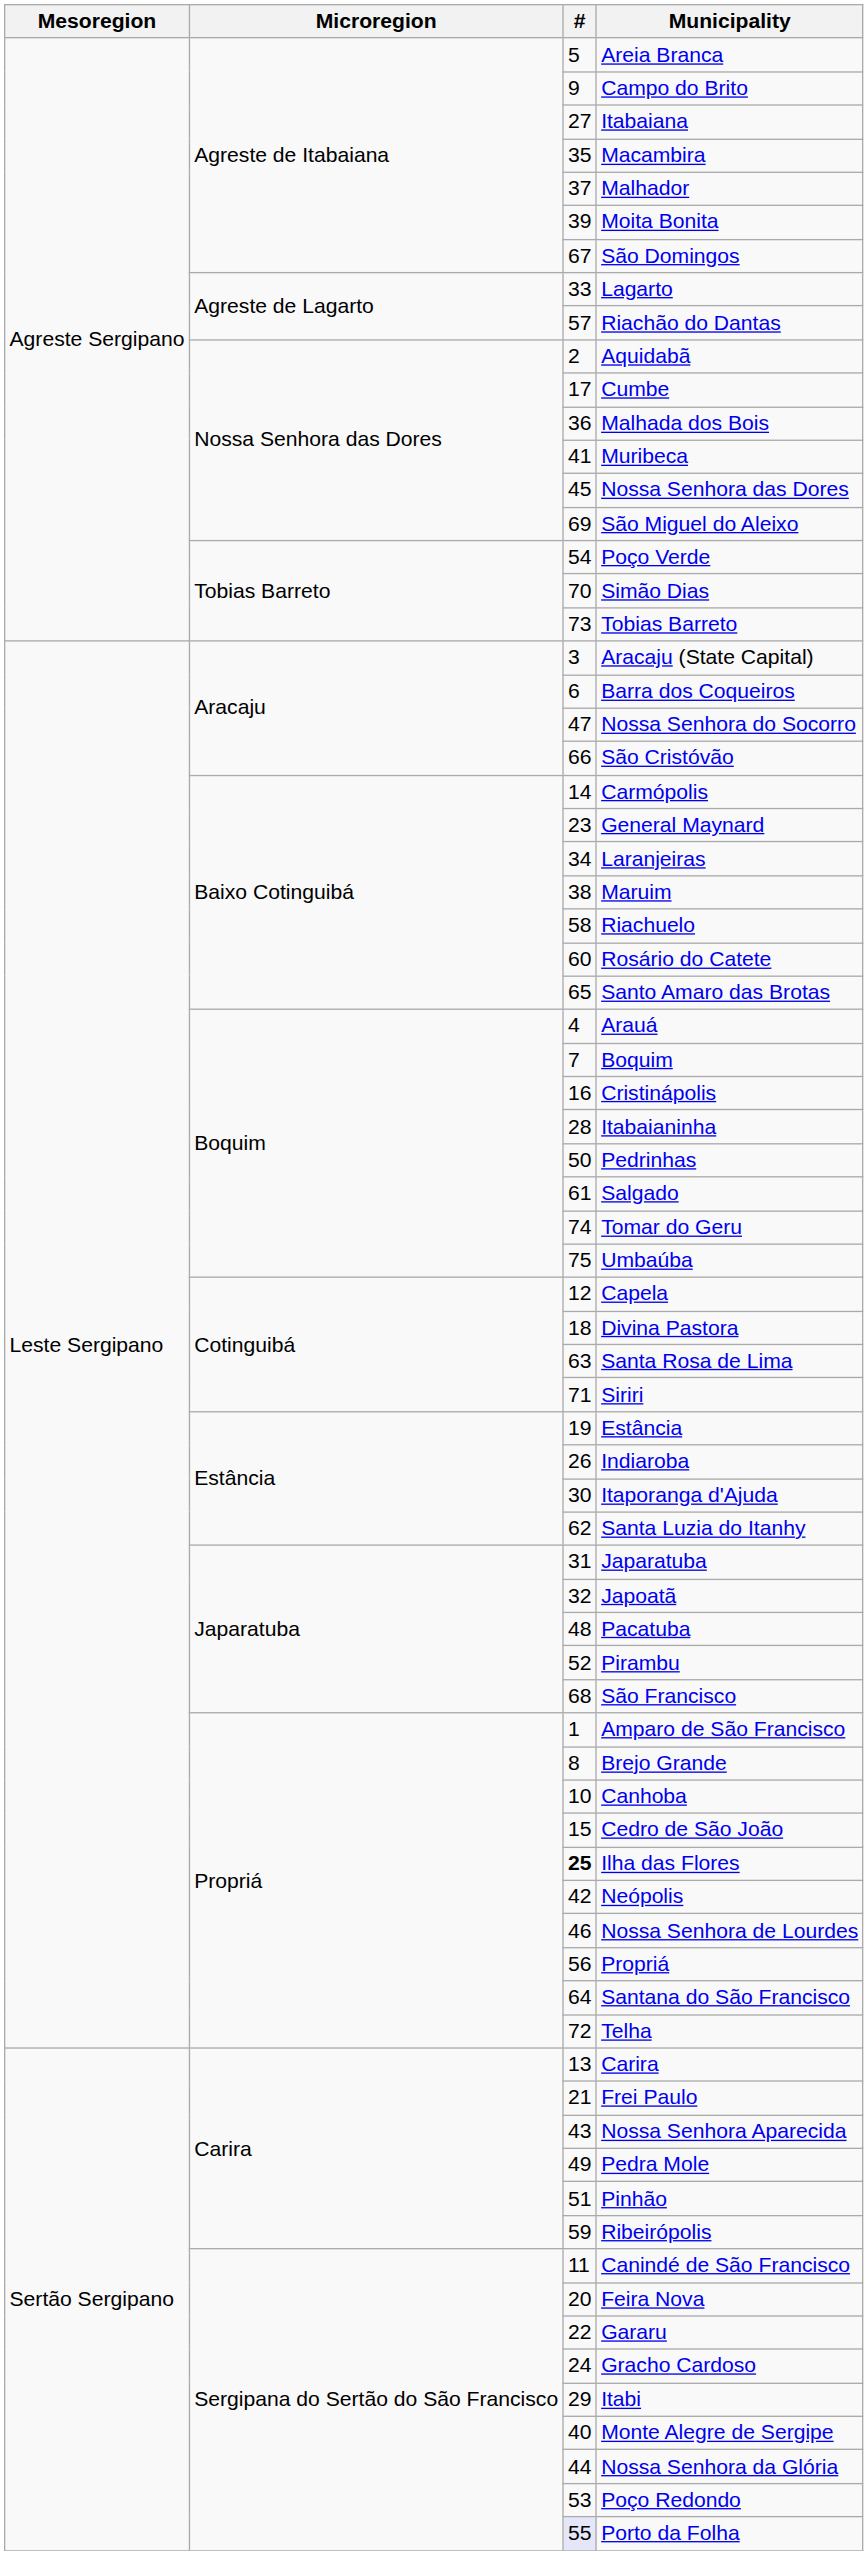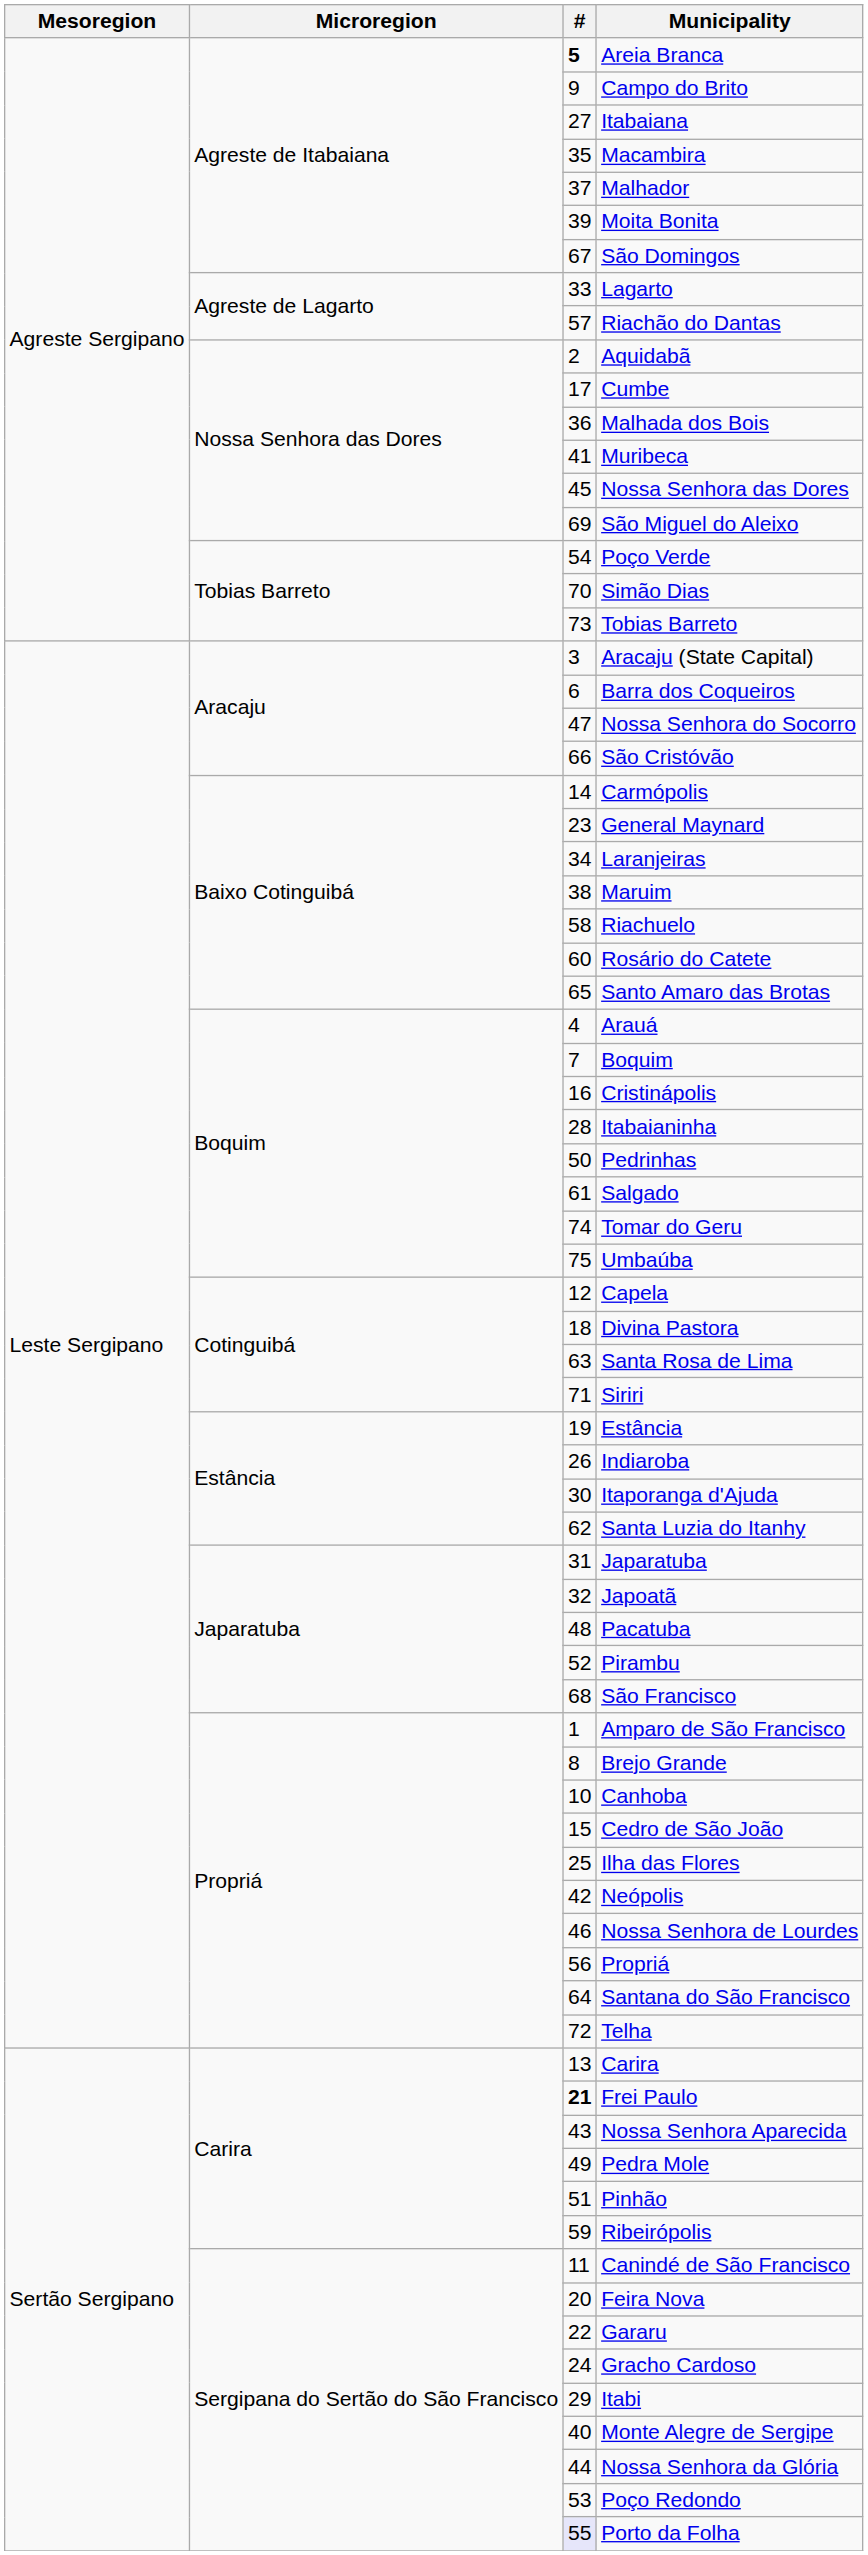 <table class="wikitable sortable">
 <tr>
 <th>Mesoregion</th>
 <th>Microregion</th>
 <th>#</th>
 <th>Municipality</th>
 </tr>
 <tr id="Agreste Sergipano">
 <td rowspan=18>Agreste Sergipano</td>
 <td rowspan=7>Agreste de Itabaiana</td>
-<td>5</td>
+<td><strong>5</strong></td>
 <td><a href='#'>Areia Branca</a></td>
 </tr>
 <tr>
 <td>9</td>
 <td><a href='#'>Campo do Brito</a></td>
 </tr>
 <tr>
 <td>27</td>
 <td><a href='#'>Itabaiana</a></td>
 </tr>
 <tr>
 <td>35</td>
 <td><a href='#'>Macambira</a></td>
 </tr>
 <tr>
 <td>37</td>
 <td><a href='#'>Malhador</a></td>
 </tr>
 <tr>
 <td>39</td>
 <td><a href='#'>Moita Bonita</a></td>
 </tr>
 <tr>
 <td>67</td>
 <td><a href='#'>São Domingos</a></td>
 </tr>
 <tr>
 <td rowspan=2>Agreste de Lagarto</td>
 <td>33</td>
 <td><a href='#'>Lagarto</a></td>
 </tr>
 <tr>
 <td>57</td>
 <td><a href='#'>Riachão do Dantas</a></td>
 </tr>
 <tr>
 <td rowspan=6>Nossa Senhora das Dores</td>
 <td>2</td>
 <td><a href='#'>Aquidabã</a></td>
 </tr>
 <tr>
 <td>17</td>
 <td><a href='#'>Cumbe</a></td>
 </tr>
 <tr>
 <td>36</td>
 <td><a href='#'>Malhada dos Bois</a></td>
 </tr>
 <tr>
 <td>41</td>
 <td><a href='#'>Muribeca</a></td>
 </tr>
 <tr>
 <td>45</td>
 <td><a href='#'>Nossa Senhora das Dores</a></td>
 </tr>
 <tr>
 <td>69</td>
 <td><a href='#'>São Miguel do Aleixo</a></td>
 </tr>
 <tr>
 <td rowspan=3>Tobias Barreto</td>
 <td>54</td>
 <td><a href='#'>Poço Verde</a></td>
 </tr>
 <tr>
 <td>70</td>
 <td><a href='#'>Simão Dias</a></td>
 </tr>
 <tr>
 <td>73</td>
 <td><a href='#'>Tobias Barreto</a></td>
 </tr>
 <tr id="Leste Sergipano">
 <td rowspan=42>Leste Sergipano</td>
 <td rowspan=4>Aracaju</td>
 <td>3</td>
 <td><a href='#'>Aracaju</a> (State Capital)</td>
 </tr>
 <tr>
 <td>6</td>
 <td><a href='#'>Barra dos Coqueiros</a></td>
 </tr>
 <tr>
 <td>47</td>
 <td><a href='#'>Nossa Senhora do Socorro</a></td>
 </tr>
 <tr>
 <td>66</td>
 <td><a href='#'>São Cristóvão</a></td>
 </tr>
 <tr>
 <td rowspan=7>Baixo Cotinguibá</td>
 <td>14</td>
 <td><a href='#'>Carmópolis</a></td>
 </tr>
 <tr>
 <td>23</td>
 <td><a href='#'>General Maynard</a></td>
 </tr>
 <tr>
 <td>34</td>
 <td><a href='#'>Laranjeiras</a></td>
 </tr>
 <tr>
 <td>38</td>
 <td><a href='#'>Maruim</a></td>
 </tr>
 <tr>
 <td>58</td>
 <td><a href='#'>Riachuelo</a></td>
 </tr>
 <tr>
 <td>60</td>
 <td><a href='#'>Rosário do Catete</a></td>
 </tr>
 <tr>
 <td>65</td>
 <td><a href='#'>Santo Amaro das Brotas</a></td>
 </tr>
 <tr>
 <td rowspan=8>Boquim</td>
 <td>4</td>
 <td><a href='#'>Arauá</a></td>
 </tr>
 <tr>
 <td>7</td>
 <td><a href='#'>Boquim</a></td>
 </tr>
 <tr>
 <td>16</td>
 <td><a href='#'>Cristinápolis</a></td>
 </tr>
 <tr>
 <td>28</td>
 <td><a href='#'>Itabaianinha</a></td>
 </tr>
 <tr>
 <td>50</td>
 <td><a href='#'>Pedrinhas</a></td>
 </tr>
 <tr>
 <td>61</td>
 <td><a href='#'>Salgado</a></td>
 </tr>
 <tr>
 <td>74</td>
 <td><a href='#'>Tomar do Geru</a></td>
 </tr>
 <tr>
 <td>75</td>
 <td><a href='#'>Umbaúba</a></td>
 </tr>
 <tr>
 <td rowspan=4>Cotinguibá</td>
 <td>12</td>
 <td><a href='#'>Capela</a></td>
 </tr>
 <tr>
 <td>18</td>
 <td><a href='#'>Divina Pastora</a></td>
 </tr>
 <tr>
 <td>63</td>
 <td><a href='#'>Santa Rosa de Lima</a></td>
 </tr>
 <tr>
 <td>71</td>
 <td><a href='#'>Siriri</a></td>
 </tr>
 <tr>
 <td rowspan=4>Estância</td>
 <td>19</td>
 <td><a href='#'>Estância</a></td>
 </tr>
 <tr>
 <td>26</td>
 <td><a href='#'>Indiaroba</a></td>
 </tr>
 <tr>
 <td>30</td>
 <td><a href='#'>Itaporanga d'Ajuda</a></td>
 </tr>
 <tr>
 <td>62</td>
 <td><a href='#'>Santa Luzia do Itanhy</a></td>
 </tr>
 <tr>
 <td rowspan=5>Japaratuba</td>
 <td>31</td>
 <td><a href='#'>Japaratuba</a></td>
 </tr>
 <tr>
 <td>32</td>
 <td><a href='#'>Japoatã</a></td>
 </tr>
 <tr>
 <td>48</td>
 <td><a href='#'>Pacatuba</a></td>
 </tr>
 <tr>
 <td>52</td>
 <td><a href='#'>Pirambu</a></td>
 </tr>
 <tr>
 <td>68</td>
 <td><a href='#'>São Francisco</a></td>
 </tr>
 <tr>
 <td rowspan=10>Propriá</td>
 <td>1</td>
 <td><a href='#'>Amparo de São Francisco</a></td>
 </tr>
 <tr>
 <td>8</td>
 <td><a href='#'>Brejo Grande</a></td>
 </tr>
 <tr>
 <td>10</td>
 <td><a href='#'>Canhoba</a></td>
 </tr>
 <tr>
 <td>15</td>
 <td><a href='#'>Cedro de São João</a></td>
 </tr>
 <tr>
-<td><strong>25</strong></td>
+<td>25</td>
 <td><a href='#'>Ilha das Flores</a></td>
 </tr>
 <tr>
 <td>42</td>
 <td><a href='#'>Neópolis</a></td>
 </tr>
 <tr>
 <td>46</td>
 <td><a href='#'>Nossa Senhora de Lourdes</a></td>
 </tr>
 <tr>
 <td>56</td>
 <td><a href='#'>Propriá</a></td>
 </tr>
 <tr>
 <td>64</td>
 <td><a href='#'>Santana do São Francisco</a></td>
 </tr>
 <tr>
 <td>72</td>
 <td><a href='#'>Telha</a></td>
 </tr>
 <tr id="Sertão Sergipano">
 <td rowspan=15>Sertão Sergipano</td>
 <td rowspan=6>Carira</td>
 <td>13</td>
 <td><a href='#'>Carira</a></td>
 </tr>
 <tr>
-<td>21</td>
+<td><strong>21</strong></td>
 <td><a href='#'>Frei Paulo</a></td>
 </tr>
 <tr>
 <td>43</td>
 <td><a href='#'>Nossa Senhora Aparecida</a></td>
 </tr>
 <tr>
 <td>49</td>
 <td><a href='#'>Pedra Mole</a></td>
 </tr>
 <tr>
 <td>51</td>
 <td><a href='#'>Pinhão</a></td>
 </tr>
 <tr>
 <td>59</td>
 <td><a href='#'>Ribeirópolis</a></td>
 </tr>
 <tr>
 <td rowspan=9>Sergipana do Sertão do São Francisco</td>
 <td>11</td>
 <td><a href='#'>Canindé de São Francisco</a></td>
 </tr>
 <tr>
 <td>20</td>
 <td><a href='#'>Feira Nova</a></td>
 </tr>
 <tr>
 <td>22</td>
 <td><a href='#'>Gararu</a></td>
 </tr>
 <tr>
 <td>24</td>
 <td><a href='#'>Gracho Cardoso</a></td>
 </tr>
 <tr>
 <td>29</td>
 <td><a href='#'>Itabi</a></td>
 </tr>
 <tr>
 <td>40</td>
 <td><a href='#'>Monte Alegre de Sergipe</a></td>
 </tr>
 <tr>
 <td>44</td>
 <td><a href='#'>Nossa Senhora da Glória</a></td>
 </tr>
 <tr>
 <td>53</td>
 <td><a href='#'>Poço Redondo</a></td>
 </tr>
 <tr>
 <td style="background: lavender;">55</td>
 <td><a href='#'>Porto da Folha</a></td>
 </tr>
 </table>
